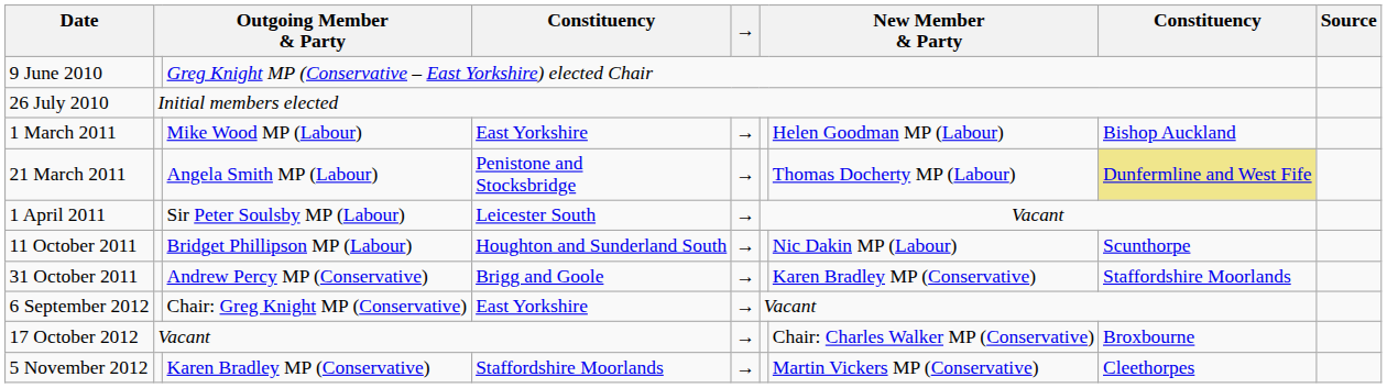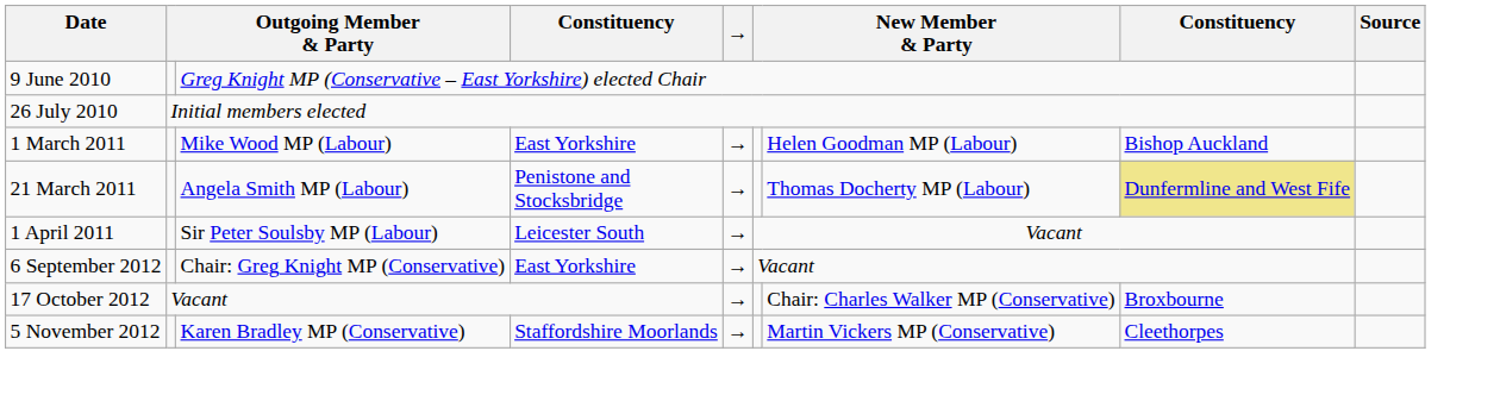 <table class="wikitable">
 <tr>
 <th valign="top">Date</th>
 <th colspan="2" valign="top">Outgoing Member<br>& Party</th>
 <th valign="top">Constituency</th>
 <th>→</th>
 <th colspan="2" rowspan="1" align="center" valign="top">New Member<br>& Party</th>
 <th valign="top">Constituency</th>
 <th valign="top">Source</th>
 </tr>
 <tr>
 <td>9 June 2010</td>
 <td style="color:inherit;background:"></td>
 <td colspan=6><em><a href='#'>Greg Knight</a> MP (<a href='#'>Conservative</a> – <a href='#'>East Yorkshire</a>) elected Chair</em></td>
 <td></td>
 </tr>
 <tr>
 <td>26 July 2010</td>
 <td colspan=7><em>Initial members elected</em></td>
 <td></td>
 </tr>
 <tr>
 <td>1 March 2011</td>
 <td style="color:inherit;background:"></td>
 <td><a href='#'>Mike Wood</a> MP (<a href='#'>Labour</a>)</td>
 <td><a href='#'>East Yorkshire</a></td>
 <td>→</td>
 <td style="color:inherit;background:"></td>
 <td><a href='#'>Helen Goodman</a> MP (<a href='#'>Labour</a>)</td>
 <td><a href='#'>Bishop Auckland</a></td>
 <td></td>
 </tr>
 <tr>
 <td nowrap>21 March 2011</td>
 <td style="color:inherit;background:"></td>
 <td><a href='#'>Angela Smith</a> MP (<a href='#'>Labour</a>)</td>
 <td><a href='#'>Penistone and<br>Stocksbridge</a></td>
 <td>→</td>
 <td style="color:inherit;background:"></td>
 <td><a href='#'>Thomas Docherty</a> MP (<a href='#'>Labour</a>)</td>
 <td style="background: khaki;"><a href='#'>Dunfermline and West Fife</a></td>
 <td></td>
 </tr>
 <tr>
 <td>1 April 2011</td>
 <td style="color:inherit;background:"></td>
 <td nowrap>Sir <a href='#'>Peter Soulsby</a> MP (<a href='#'>Labour</a>)</td>
 <td><a href='#'>Leicester South</a></td>
 <td>→</td>
 <td colspan="3" style="text-align:center;"><em>Vacant</em></td>
 <td></td>
 </tr>
 <tr>
-<td>11 October 2011</td>
-<td style="color:inherit;background:"></td>
-<td><a href='#'>Bridget Phillipson</a> MP (<a href='#'>Labour</a>)</td>
-<td><a href='#'>Houghton and Sunderland South</a></td>
-<td>→</td>
-<td style="color:inherit;background:"></td>
-<td><a href='#'>Nic Dakin</a> MP (<a href='#'>Labour</a>)</td>
-<td><a href='#'>Scunthorpe</a></td>
-<td></td>
-</tr>
-<tr>
-<td nowrap>31 October 2011</td>
-<td style="color:inherit;background:"></td>
-<td><a href='#'>Andrew Percy</a> MP (<a href='#'>Conservative</a>)</td>
-<td><a href='#'>Brigg and Goole</a></td>
-<td>→</td>
-<td style="color:inherit;background:"></td>
-<td><a href='#'>Karen Bradley</a> MP (<a href='#'>Conservative</a>)</td>
-<td><a href='#'>Staffordshire Moorlands</a></td>
-<td></td>
-</tr>
-<tr>
 <td>6 September 2012</td>
 <td style="color:inherit;background:"></td>
 <td>Chair: <a href='#'>Greg Knight</a> MP (<a href='#'>Conservative</a>)</td>
 <td><a href='#'>East Yorkshire</a></td>
 <td>→</td>
 <td colspan=3><em>Vacant</em></td>
 <td></td>
 </tr>
 <tr>
 <td>17 October 2012</td>
 <td colspan=3><em>Vacant</em></td>
 <td>→</td>
 <td style="color:inherit;background:"></td>
 <td>Chair: <a href='#'>Charles Walker</a> MP (<a href='#'>Conservative</a>)</td>
 <td><a href='#'>Broxbourne</a></td>
 <td></td>
 </tr>
 <tr>
 <td>5 November 2012</td>
 <td style="color:inherit;background:"></td>
 <td><a href='#'>Karen Bradley</a> MP (<a href='#'>Conservative</a>)</td>
 <td><a href='#'>Staffordshire Moorlands</a></td>
 <td>→</td>
 <td style="color:inherit;background:"></td>
 <td><a href='#'>Martin Vickers</a> MP (<a href='#'>Conservative</a>)</td>
 <td><a href='#'>Cleethorpes</a></td>
 <td></td>
 </tr>
 </table>
